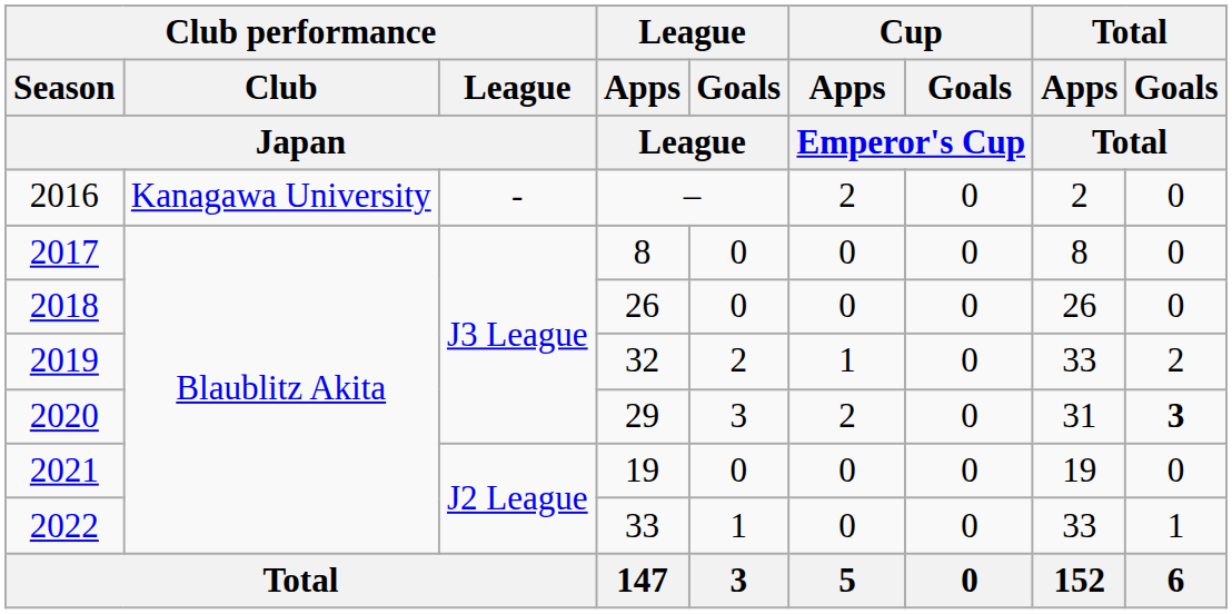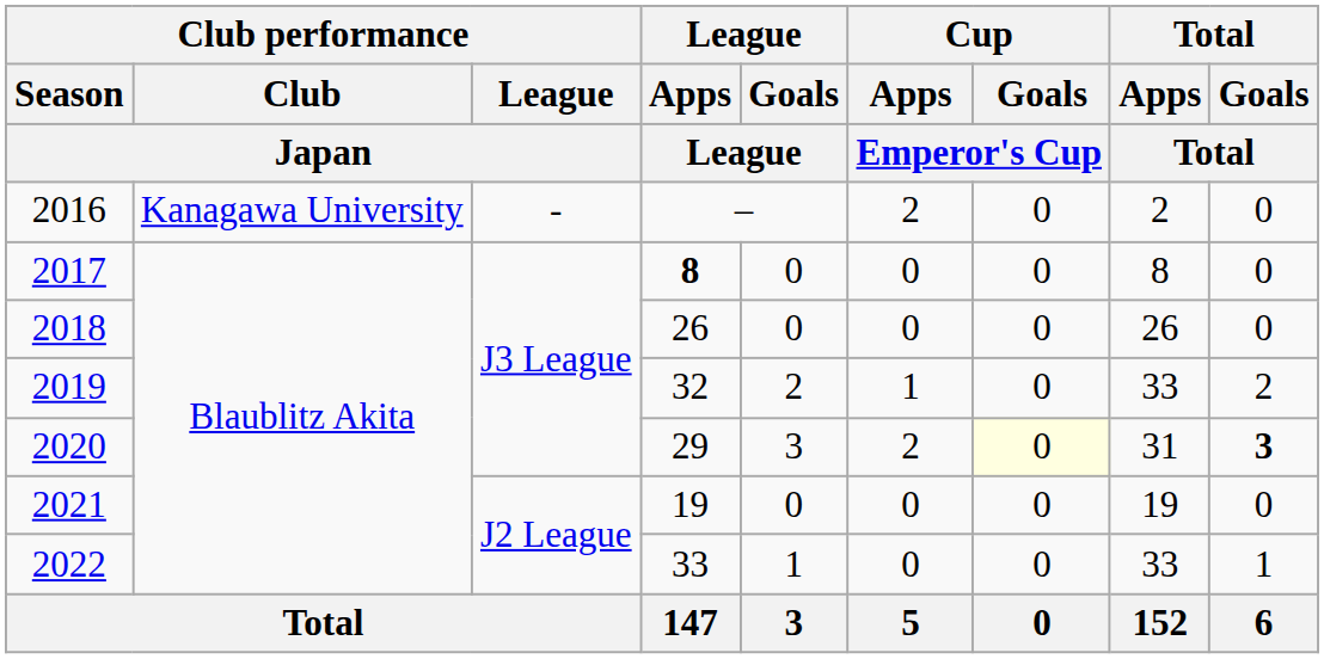 <table class="wikitable" style="text-align:center;">
 <tr>
 <th colspan=3>Club performance</th>
 <th colspan=2>League</th>
 <th colspan=2>Cup</th>
 <th colspan=2>Total</th>
 </tr>
 <tr>
 <th>Season</th>
 <th>Club</th>
 <th>League</th>
 <th>Apps</th>
 <th>Goals</th>
 <th>Apps</th>
 <th>Goals</th>
 <th>Apps</th>
 <th>Goals</th>
 </tr>
 <tr>
 <th colspan=3>Japan</th>
 <th colspan=2>League</th>
 <th colspan=2><a href='#'>Emperor's Cup</a></th>
 <th colspan=2>Total</th>
 </tr>
 <tr>
 <td>2016</td>
 <td rowspan="1"><a href='#'>Kanagawa University</a></td>
 <td rowspan="1">-</td>
 <td colspan="2">–</td>
 <td>2</td>
 <td>0</td>
 <td>2</td>
 <td>0</td>
 </tr>
 <tr>
 <td><a href='#'>2017</a></td>
 <td rowspan="6"><a href='#'>Blaublitz Akita</a></td>
 <td rowspan="4"><a href='#'>J3 League</a></td>
-<td>8</td>
+<td><strong>8</strong></td>
 <td>0</td>
 <td>0</td>
 <td>0</td>
 <td>8</td>
 <td>0</td>
 </tr>
 <tr>
 <td><a href='#'>2018</a></td>
 <td>26</td>
 <td>0</td>
 <td>0</td>
 <td>0</td>
 <td>26</td>
 <td>0</td>
 </tr>
 <tr>
 <td><a href='#'>2019</a></td>
 <td>32</td>
 <td>2</td>
 <td>1</td>
 <td>0</td>
 <td>33</td>
 <td>2</td>
 </tr>
 <tr>
 <td><a href='#'>2020</a></td>
 <td>29</td>
 <td>3</td>
 <td>2</td>
-<td>0</td>
+<td style="background: lightyellow;">0</td>
 <td>31</td>
 <td><strong>3</strong></td>
 </tr>
 <tr>
 <td><a href='#'>2021</a></td>
 <td rowspan="2"><a href='#'>J2 League</a></td>
 <td>19</td>
 <td>0</td>
 <td>0</td>
 <td>0</td>
 <td>19</td>
 <td>0</td>
 </tr>
 <tr>
 <td><a href='#'>2022</a></td>
 <td>33</td>
 <td>1</td>
 <td>0</td>
 <td>0</td>
 <td>33</td>
 <td>1</td>
 </tr>
 <tr>
 <th colspan=3>Total</th>
 <th>147</th>
 <th>3</th>
 <th>5</th>
 <th>0</th>
 <th>152</th>
 <th>6</th>
 </tr>
 </table>
